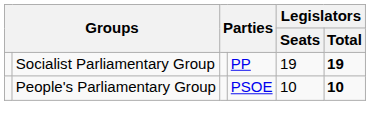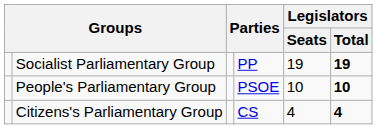 <table class="wikitable" style="text-align:left;">
 <tr>
 <th rowspan="2" colspan="2">Groups</th>
 <th rowspan="2" colspan="2">Parties</th>
 <th colspan="2">Legislators</th>
 </tr>
 <tr>
 <th>Seats</th>
 <th>Total</th>
 </tr>
 <tr>
 <td width="1" style="color:inherit;background:"></td>
 <td>Socialist Parliamentary Group</td>
 <td width="1" style="color:inherit;background:"></td>
 <td><a href='#'>PP</a></td>
 <td>19</td>
 <td><strong>19</strong></td>
 </tr>
 <tr>
 <td style="color:inherit;background:"></td>
 <td>People's Parliamentary Group</td>
 <td style="color:inherit;background:"></td>
 <td><a href='#'>PSOE</a></td>
 <td>10</td>
 <td><strong>10</strong></td>
 </tr>
+<tr>
+<td style="color:inherit;background:"></td>
+<td>Citizens's Parliamentary Group</td>
+<td style="color:inherit;background:"></td>
+<td><a href='#'>CS</a></td>
+<td>4</td>
+<td><strong>4</strong></td>
+</tr>
 </table>
